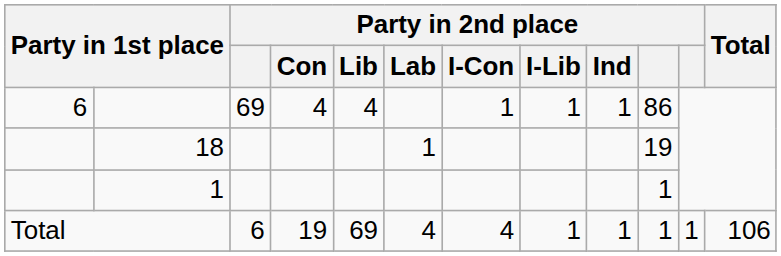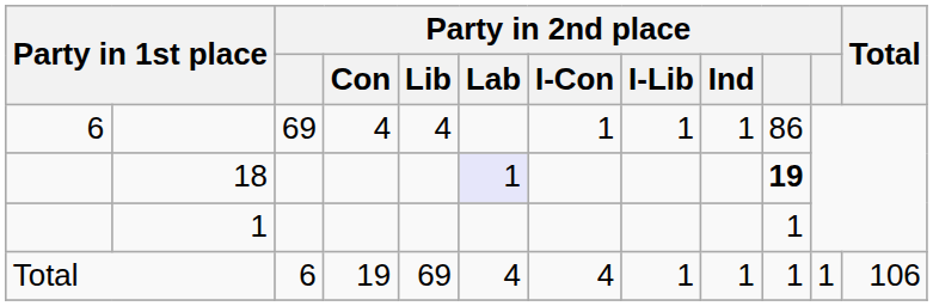 <table class="wikitable" style="text-align:right;">
 <tr>
 <th rowspan="2" colspan="2" style="text-align:left;">Party in 1st place</th>
 <th colspan="9">Party in 2nd place</th>
 <th rowspan="2">Total</th>
 </tr>
 <tr>
 <th></th>
 <th>Con</th>
 <th>Lib</th>
 <th>Lab</th>
 <th>I-Con</th>
 <th>I-Lib</th>
 <th>Ind</th>
 <th></th>
 <th></th>
 </tr>
 <tr>
 <td>6</td>
 <td></td>
 <td>69</td>
 <td>4</td>
 <td>4</td>
 <td></td>
 <td>1</td>
 <td>1</td>
 <td>1</td>
 <td>86</td>
 </tr>
 <tr>
 <td></td>
 <td>18</td>
 <td></td>
 <td></td>
 <td></td>
-<td>1</td>
+<td style="background: lavender;">1</td>
 <td></td>
 <td></td>
 <td></td>
-<td>19</td>
+<td><strong>19</strong></td>
 </tr>
 <tr>
 <td></td>
 <td>1</td>
 <td></td>
 <td></td>
 <td></td>
 <td></td>
 <td></td>
 <td></td>
 <td></td>
 <td>1</td>
 </tr>
 <tr>
 <td colspan="2" style="text-align:left;">Total</td>
 <td>6</td>
 <td>19</td>
 <td>69</td>
 <td>4</td>
 <td>4</td>
 <td>1</td>
 <td>1</td>
 <td>1</td>
 <td>1</td>
 <td>106</td>
 </tr>
 </table>
